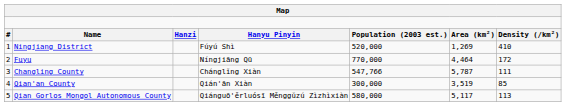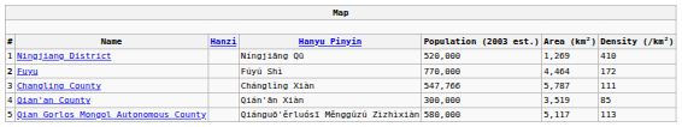 <table class="wikitable"  style="font-size:90%;" align=center>
 <tr>
 <th colspan=7 align="center">Map</th>
 </tr>
 <tr>
 <td colspan=7 align="center"><div><br>         </div></td>
 </tr>
 <tr>
 <th>#</th>
 <th>Name</th>
 <th><a href='#'>Hanzi</a></th>
 <th><a href='#'>Hanyu Pinyin</a></th>
 <th>Population (2003 est.)</th>
 <th>Area (km²)</th>
 <th>Density (/km²)</th>
 </tr>
 <tr --------->
 <td>1</td>
 <td><a href='#'>Ningjiang District</a></td>
 <td></td>
-<td>Fúyú Shì</td>
+<td>Níngjiāng Qū</td>
 <td>520,000</td>
 <td>1,269</td>
 <td>410</td>
 </tr>
 <tr --------->
-<td>2</td>
+<td><strong>2</strong></td>
 <td><a href='#'>Fuyu</a></td>
 <td></td>
-<td>Níngjiāng Qū</td>
+<td>Fúyú Shì</td>
 <td>770,000</td>
 <td>4,464</td>
 <td>172</td>
 </tr>
 <tr --------->
 <td>3</td>
 <td><a href='#'>Changling County</a></td>
 <td></td>
 <td>Chánglǐng Xiàn</td>
 <td>547,766</td>
 <td>5,787</td>
 <td>111</td>
 </tr>
 <tr --------->
 <td>4</td>
 <td><a href='#'>Qian'an County</a></td>
 <td></td>
 <td>Qián'ān Xiàn</td>
 <td>300,000</td>
 <td>3,519</td>
 <td>85</td>
 </tr>
 <tr --------->
 <td>5</td>
 <td><a href='#'>Qian Gorlos Mongol Autonomous County</a></td>
 <td></td>
 <td>Qiánguō'ěrluósī Měnggǔzú Zìzhìxiàn</td>
 <td>580,000</td>
 <td>5,117</td>
 <td>113</td>
 </tr>
 </table>
